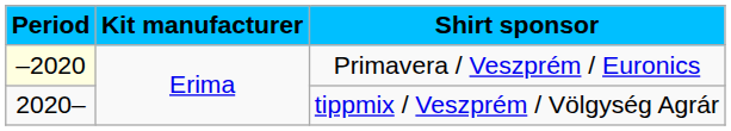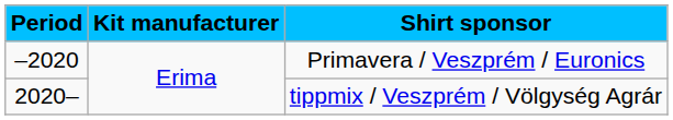 <table class="wikitable" style="text-align:center; margin-left:1em">
 <tr>
 <th style="color:#000000; background:#00BFFF">Period</th>
 <th style="color:#000000; background:#00BFFF">Kit manufacturer</th>
 <th style="color:#000000; background:#00BFFF">Shirt sponsor</th>
 </tr>
 <tr>
-<td style="background: lightyellow;">–2020</td>
+<td>–2020</td>
 <td rowspan=2> <a href='#'>Erima</a></td>
 <td>Primavera / <a href='#'>Veszprém</a> / <a href='#'>Euronics</a></td>
 </tr>
 <tr>
 <td>2020–</td>
 <td><a href='#'>tippmix</a> / <a href='#'>Veszprém</a> / Völgység Agrár</td>
 </tr>
 </table>
